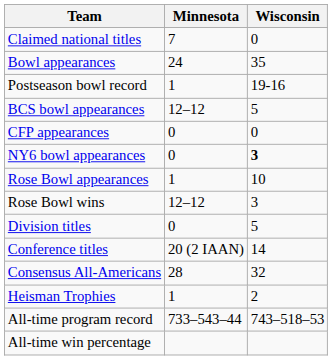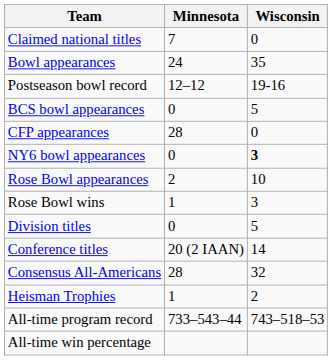 <table class="wikitable">
 <tr>
 <th>Team</th>
 <th>Minnesota</th>
 <th>Wisconsin</th>
 </tr>
 <tr>
 <td><a href='#'>Claimed national titles</a></td>
 <td>7</td>
 <td>0</td>
 </tr>
 <tr>
 <td><a href='#'>Bowl appearances</a></td>
 <td>24</td>
 <td>35</td>
 </tr>
 <tr>
 <td>Postseason bowl record</td>
-<td>1</td>
+<td>12–12</td>
 <td>19-16</td>
 </tr>
 <tr>
 <td><a href='#'>BCS bowl appearances</a></td>
-<td>12–12</td>
+<td>0</td>
 <td>5</td>
 </tr>
 <tr>
 <td><a href='#'>CFP appearances</a></td>
-<td>0</td>
+<td>28</td>
 <td>0</td>
 </tr>
 <tr>
 <td><a href='#'>NY6 bowl appearances</a></td>
 <td>0</td>
 <td><strong>3</strong></td>
 </tr>
 <tr>
 <td><a href='#'>Rose Bowl appearances</a></td>
-<td>1</td>
+<td>2</td>
 <td>10</td>
 </tr>
 <tr>
 <td>Rose Bowl wins</td>
-<td>12–12</td>
+<td>1</td>
 <td>3</td>
 </tr>
 <tr>
 <td><a href='#'>Division titles</a></td>
 <td>0</td>
 <td>5</td>
 </tr>
 <tr>
 <td><a href='#'>Conference titles</a></td>
 <td>20 (2 IAAN)</td>
 <td>14</td>
 </tr>
 <tr>
 <td><a href='#'>Consensus All-Americans</a></td>
 <td>28</td>
 <td>32</td>
 </tr>
 <tr>
 <td><a href='#'>Heisman Trophies</a></td>
 <td>1</td>
 <td>2</td>
 </tr>
 <tr>
 <td>All-time program record</td>
 <td>733–543–44</td>
 <td>743–518–53</td>
 </tr>
 <tr>
 <td>All-time win percentage</td>
 <td></td>
 <td></td>
 </tr>
 </table>
